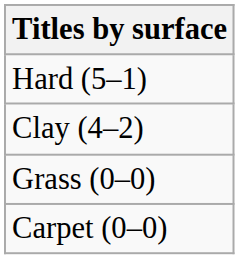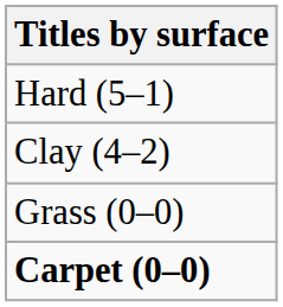 <table class=wikitable style=font-size:97%>
 <tr>
 <th>Titles by surface</th>
 </tr>
 <tr>
 <td>Hard (5–1)</td>
 </tr>
 <tr>
 <td>Clay (4–2)</td>
 </tr>
 <tr>
 <td>Grass (0–0)</td>
 </tr>
 <tr>
-<td>Carpet (0–0)</td>
+<td><strong>Carpet (0–0)</strong></td>
 </tr>
 </table>
